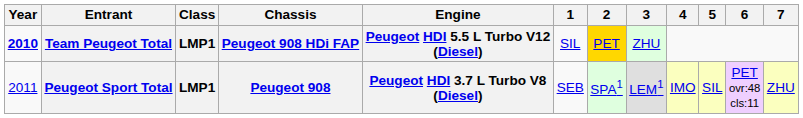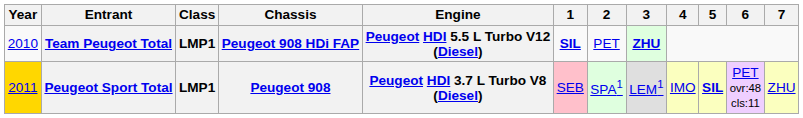 <table class="wikitable" style="text-align:center; font-size:85%">
 <tr>
 <th>Year</th>
 <th>Entrant</th>
 <th>Class</th>
 <th>Chassis</th>
 <th>Engine</th>
 <th>1</th>
 <th>2</th>
 <th>3</th>
 <th>4</th>
 <th>5</th>
 <th>6</th>
 <th>7</th>
 </tr>
 <tr>
-<td><strong><a href='#'>2010</a></strong></td>
+<td><a href='#'>2010</a></td>
 <th nowrap><a href='#'>Team Peugeot Total</a></th>
 <th>LMP1</th>
 <th nowrap><a href='#'>Peugeot 908 HDi FAP</a></th>
 <th nowrap><a href='#'>Peugeot</a> <a href='#'>HDI</a> 5.5 L Turbo V12<br>(<a href='#'>Diesel</a>)</th>
-<td><a href='#'>SIL</a></td>
-<td style="background: gold;"><a href='#'>PET</a></td>
-<td style="background:#DFFFDF;"><a href='#'>ZHU</a><br></td>
+<td><strong><a href='#'>SIL</a></strong></td>
+<td><a href='#'>PET</a></td>
+<td style="background:#DFFFDF;"><strong><a href='#'>ZHU</a><br></strong></td>
 <td colspan=4></td>
 </tr>
 <tr>
-<td><a href='#'>2011</a></td>
+<td style="background: gold;"><a href='#'>2011</a></td>
 <th nowrap><a href='#'>Peugeot Sport Total</a></th>
 <th>LMP1</th>
 <th nowrap><a href='#'>Peugeot 908</a></th>
 <th nowrap><a href='#'>Peugeot</a> <a href='#'>HDI</a> 3.7 L Turbo V8<br>(<a href='#'>Diesel</a>)</th>
-<td><a href='#'>SEB</a></td>
+<td style="background: pink;"><a href='#'>SEB</a></td>
 <td style="background:#DFFFDF;"><a href='#'>SPA<sup>1</sup></a><br></td>
 <td style="background:#DFDFDF;"><a href='#'>LEM<sup>1</sup></a><br></td>
 <td style="background:#FBFFBF;"><a href='#'>IMO</a><br></td>
-<td style="background:#FBFFBF;"><a href='#'>SIL</a><br></td>
+<td style="background:#FBFFBF;"><strong><a href='#'>SIL</a><br></strong></td>
 <td style="background:#EFCFFF;"><a href='#'>PET</a><br><small>ovr:48<br>cls:11</small></td>
 <td style="background:#FBFFBF;"><a href='#'>ZHU</a><br></td>
 </tr>
 </table>
